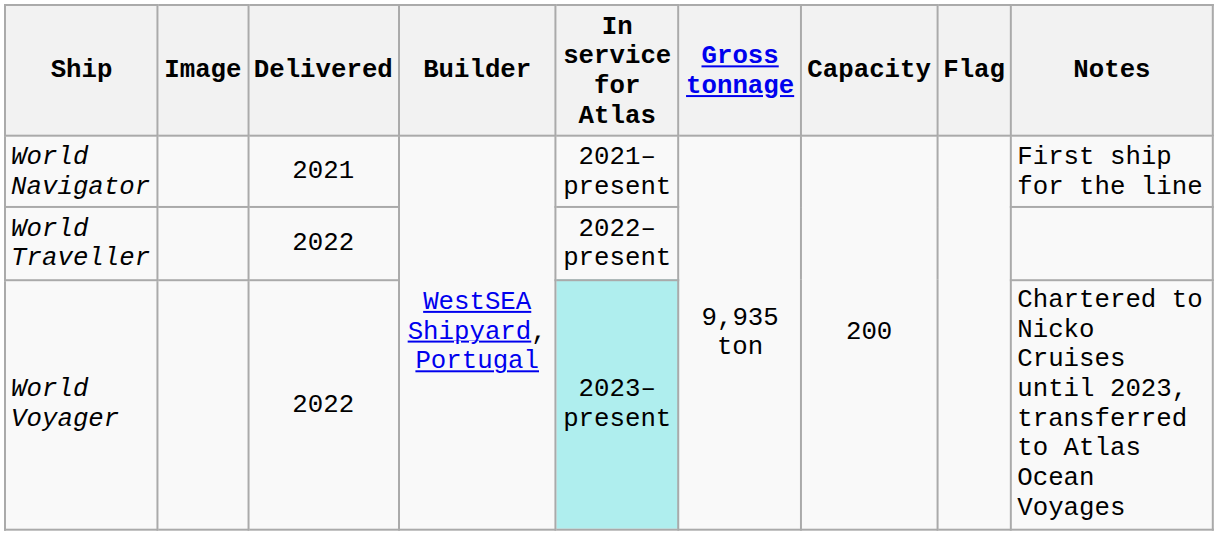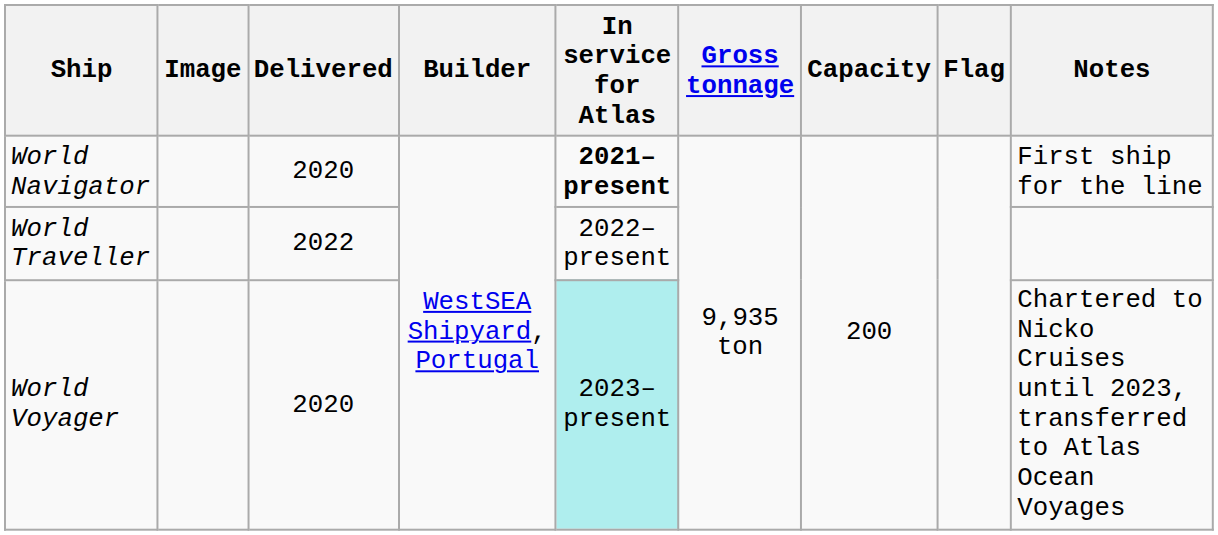 <table class="wikitable sortable">
 <tr>
 <th>Ship</th>
 <th>Image</th>
 <th>Delivered</th>
 <th>Builder</th>
 <th>In<br>service for Atlas</th>
 <th><a href='#'>Gross tonnage</a></th>
 <th>Capacity</th>
 <th>Flag</th>
 <th>Notes</th>
 </tr>
 <tr>
 <td><em>World Navigator</em></td>
 <td></td>
-<td align="Center">2021</td>
+<td align="Center">2020</td>
 <td align="Center" rowspan="3"><a href='#'>WestSEA Shipyard</a>, <a href='#'>Portugal</a></td>
-<td align="Center">2021–present</td>
+<td align="Center"><strong>2021–present</strong></td>
 <td align="Center" rowspan="3">9,935 ton</td>
 <td align="Center" rowspan="3">200</td>
 <td align="Center" rowspan="3"></td>
 <td>First ship for the line</td>
 </tr>
 <tr>
 <td><em>World Traveller</em></td>
 <td></td>
 <td align="Center">2022</td>
 <td align="Center">2022–present</td>
 <td></td>
 </tr>
 <tr>
 <td><em>World Voyager</em></td>
 <td></td>
-<td align="Center">2022</td>
+<td align="Center">2020</td>
 <td align="Center" style="background: paleturquoise;">2023–present</td>
 <td align="Left">Chartered to Nicko Cruises until 2023, transferred to Atlas Ocean Voyages</td>
 </tr>
 </table>
